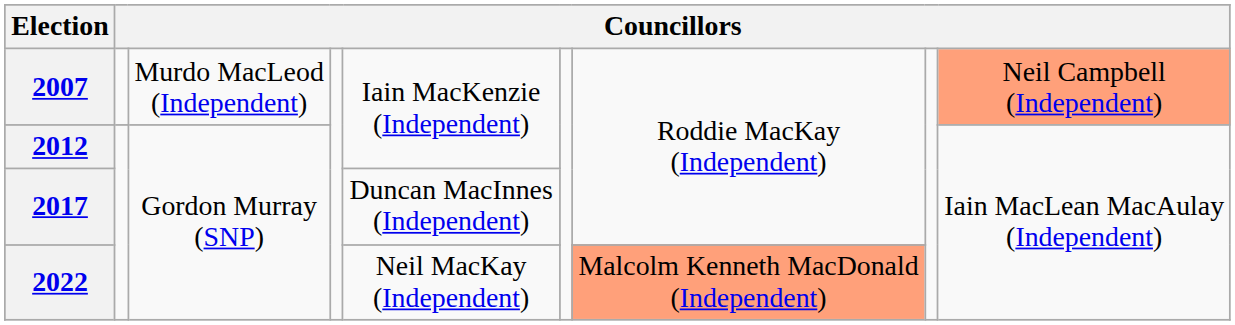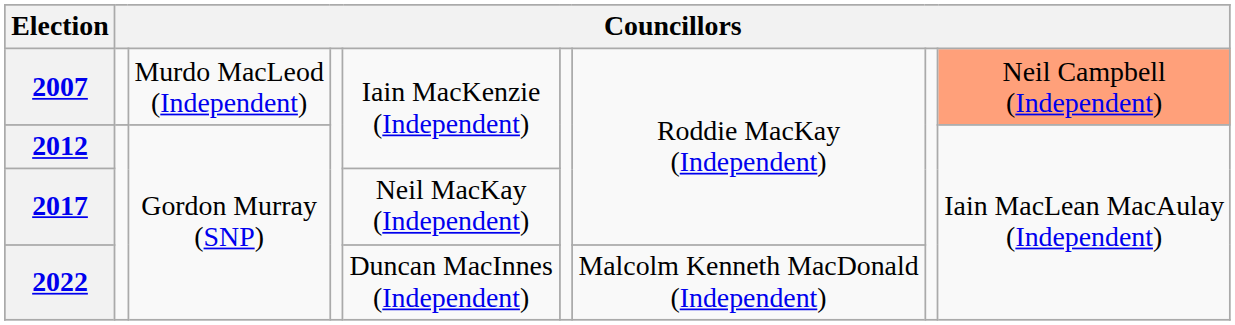 <table class="wikitable" style="text-align:center">
 <tr>
 <th>Election</th>
 <th colspan=8>Councillors</th>
 </tr>
 <tr>
 <th><a href='#'>2007</a></th>
 <td rowspan=1; style="background-color: "></td>
 <td rowspan=1>Murdo MacLeod<br>(<a href='#'>Independent</a>)</td>
 <td rowspan=4; style="background-color: "></td>
 <td rowspan=2>Iain MacKenzie<br>(<a href='#'>Independent</a>)</td>
 <td rowspan=4; style="background-color: "></td>
 <td rowspan=3>Roddie MacKay<br>(<a href='#'>Independent</a>)</td>
 <td rowspan=4; style="background-color: "></td>
 <td rowspan=1 style="background: lightsalmon;">Neil Campbell<br>(<a href='#'>Independent</a>)</td>
 </tr>
 <tr>
 <th><a href='#'>2012</a></th>
 <td rowspan=3; style="background-color: "></td>
 <td rowspan=3>Gordon Murray<br>(<a href='#'>SNP</a>)</td>
 <td rowspan=3>Iain MacLean MacAulay<br>(<a href='#'>Independent</a>)</td>
 </tr>
 <tr>
 <th><a href='#'>2017</a></th>
-<td>Duncan MacInnes<br>(<a href='#'>Independent</a>)</td>
+<td rowspan=1>Neil MacKay<br>(<a href='#'>Independent</a>)</td>
 </tr>
 <tr>
 <th><a href='#'>2022</a></th>
-<td rowspan=1>Neil MacKay<br>(<a href='#'>Independent</a>)</td>
-<td style="background: lightsalmon;">Malcolm Kenneth MacDonald<br>(<a href='#'>Independent</a>)</td>
+<td>Duncan MacInnes<br>(<a href='#'>Independent</a>)</td>
+<td>Malcolm Kenneth MacDonald<br>(<a href='#'>Independent</a>)</td>
 </tr>
 </table>
